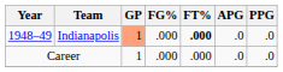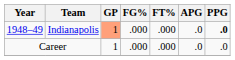 <table class="wikitable sortable" style="font-size:95%; text-align:right;">
 <tr>
 <th>Year</th>
 <th>Team</th>
 <th>GP</th>
 <th>FG%</th>
 <th>FT%</th>
 <th>APG</th>
 <th>PPG</th>
 </tr>
 <tr>
 <td style="text-align:left;"><a href='#'>1948–49</a></td>
 <td style="text-align:left;"><a href='#'>Indianapolis</a></td>
 <td style="background: lightsalmon;">1</td>
 <td>.000</td>
-<td><strong>.000</strong></td>
+<td>.000</td>
 <td>.0</td>
-<td>.0</td>
+<td><strong>.0</strong></td>
 </tr>
 <tr>
 <td style="text-align:center;" colspan="2">Career</td>
 <td>1</td>
 <td>.000</td>
 <td>.000</td>
 <td>.0</td>
 <td>.0</td>
 </tr>
 <tr>
 </tr>
 </table>
